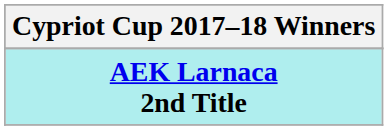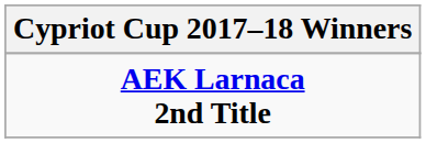 <table class="wikitable" style="text-align:center;margin: 0 auto;">
 <tr>
 <th>Cypriot Cup 2017–18 Winners</th>
 </tr>
 <tr>
 </tr>
 <tr>
 </tr>
 <tr>
-<td style="background: paleturquoise;"><strong><a href='#'>AEK Larnaca</a></strong><br><strong>2nd Title</strong></td>
+<td><strong><a href='#'>AEK Larnaca</a></strong><br><strong>2nd Title</strong></td>
 </tr>
 </table>
